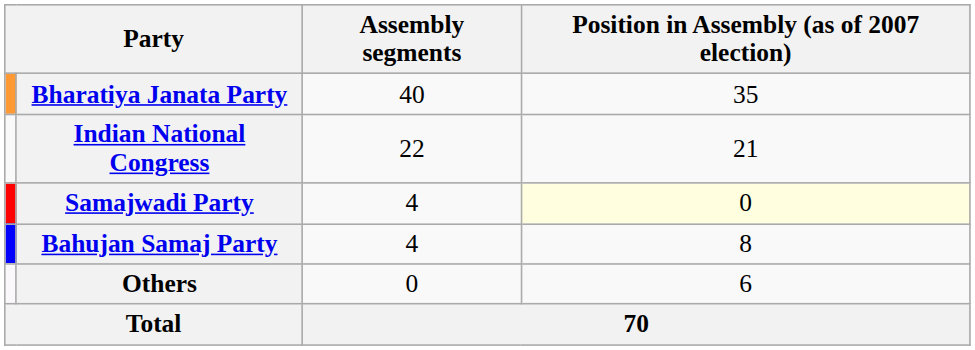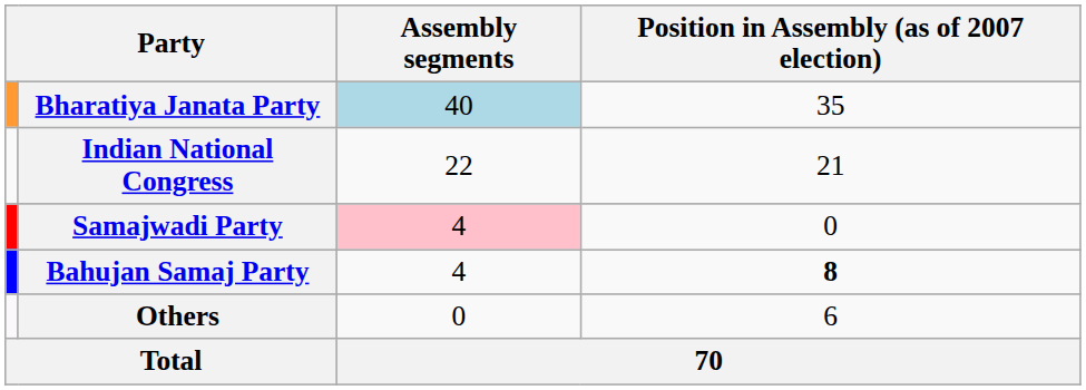 <table class="wikitable" style="text-align:center">
 <tr>
 <th colspan=2>Party</th>
 <th>Assembly segments</th>
 <th>Position in Assembly (as of 2007 election)</th>
 </tr>
 <tr>
 <td bgcolor=#FF9933></td>
 <th><a href='#'>Bharatiya Janata Party</a></th>
-<td>40</td>
+<td style="background: lightblue;">40</td>
 <td>35</td>
 </tr>
 <tr>
 <td></td>
 <th><a href='#'>Indian National Congress</a></th>
 <td>22</td>
 <td>21</td>
 </tr>
 <tr>
 <td bgcolor=#FF0000></td>
 <th><a href='#'>Samajwadi Party</a></th>
-<td>4</td>
-<td style="background: lightyellow;">0</td>
+<td style="background: pink;">4</td>
+<td>0</td>
 </tr>
 <tr>
 <td bgcolor=#0000FF></td>
 <th><a href='#'>Bahujan Samaj Party</a></th>
 <td>4</td>
-<td>8</td>
+<td><strong>8</strong></td>
 </tr>
 <tr>
 <td bgcolor=#FAF8FA></td>
 <th>Others</th>
 <td>0</td>
 <td>6</td>
 </tr>
 <tr>
 <th colspan=2>Total</th>
 <th colspan=2>70</th>
 </tr>
 </table>
